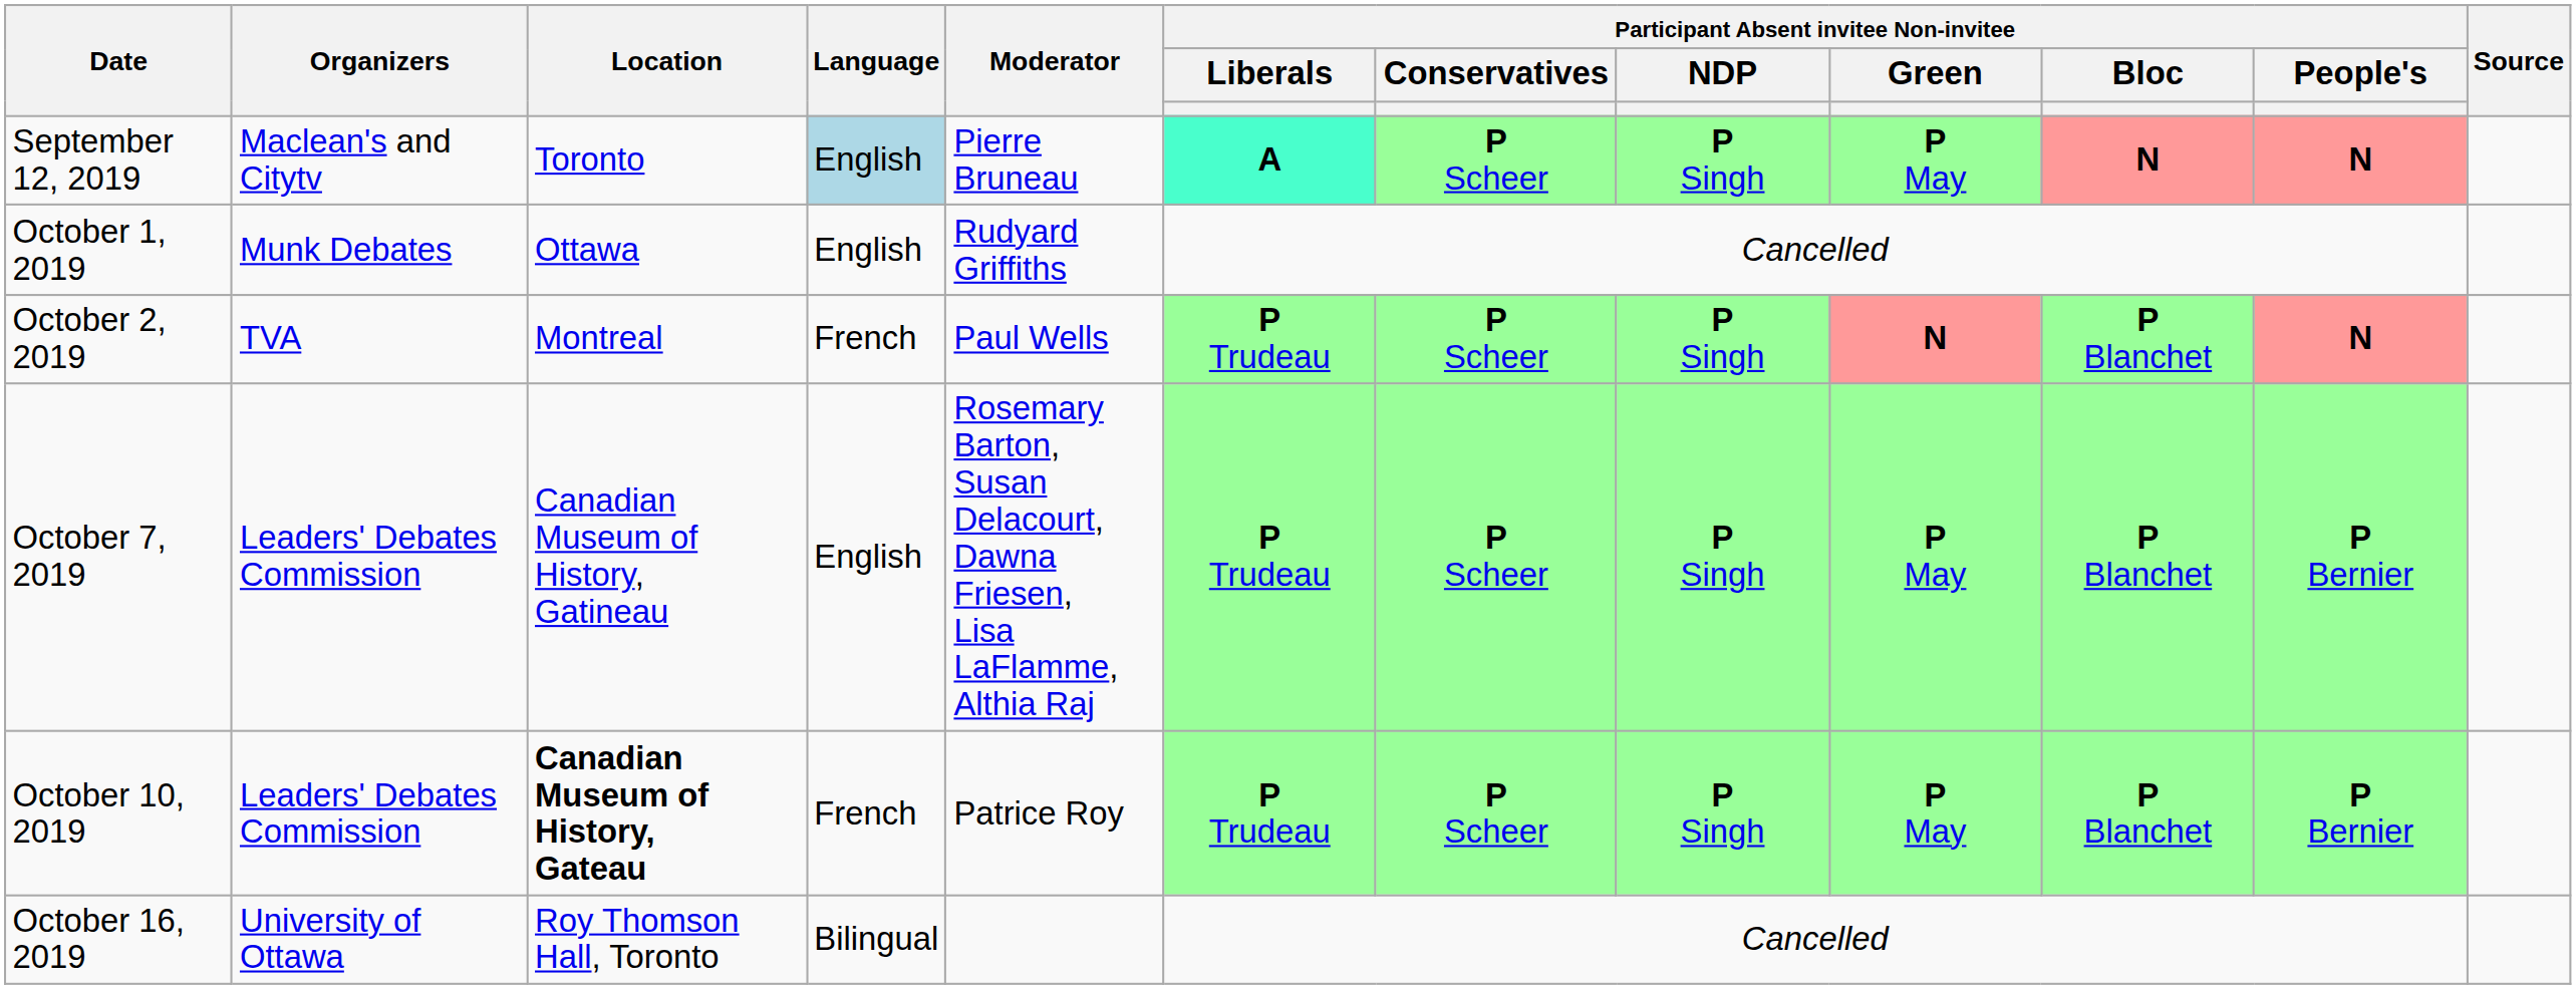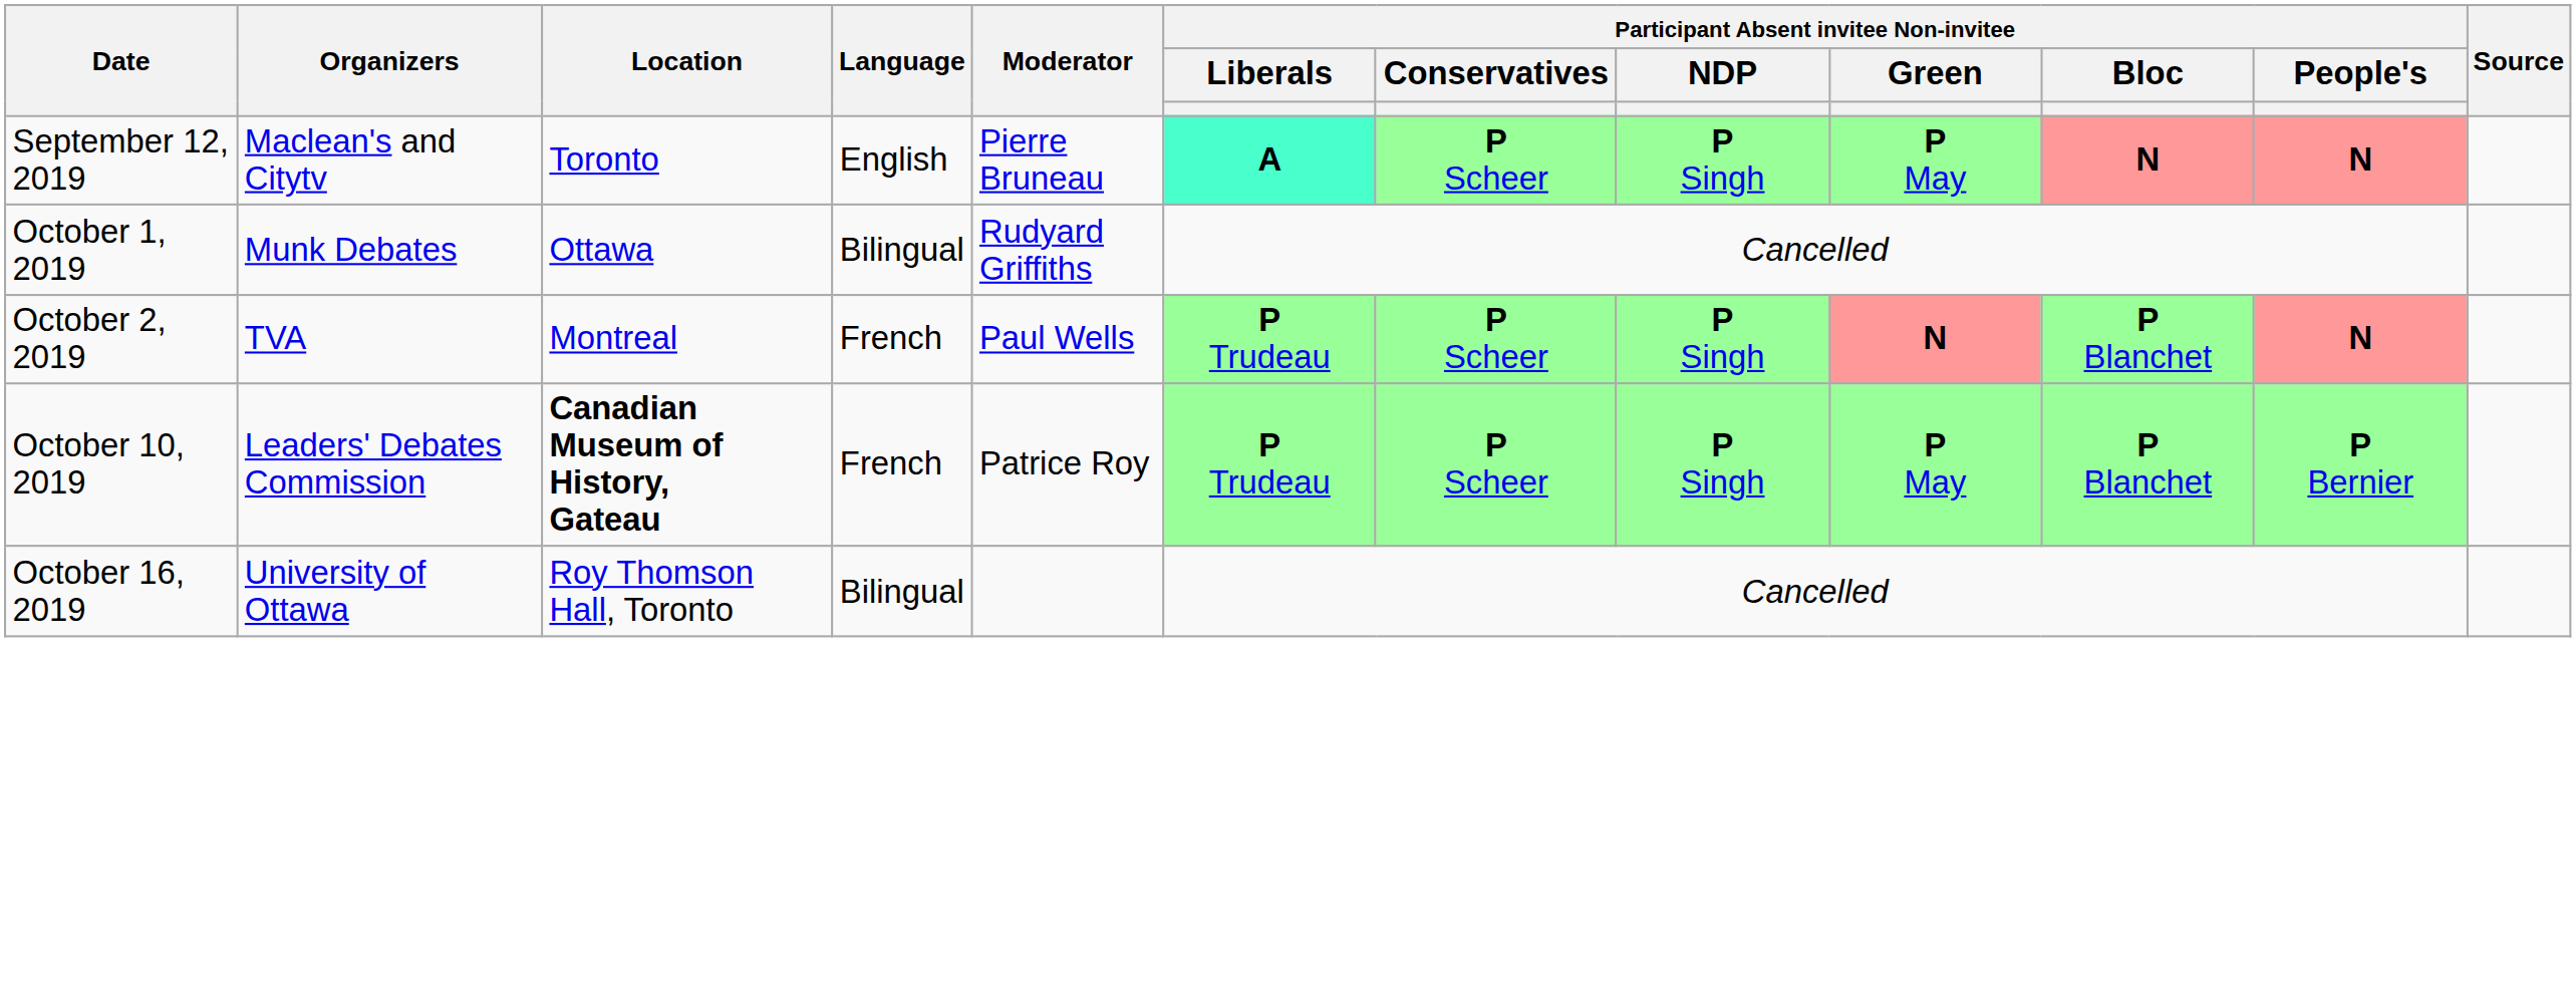 <table class="wikitable" style="text-justify: none">
 <tr style="font-size:small;">
 <th rowspan="3">Date</th>
 <th rowspan="3">Organizers</th>
 <th rowspan="3">Location</th>
 <th rowspan="3">Language</th>
 <th rowspan="3">Moderator</th>
 <th colspan="6"><small> Participant  Absent invitee  Non-invitee</small></th>
 <th rowspan="3">Source</th>
 </tr>
 <tr>
 <th style="width:6em;">Liberals</th>
 <th style="width:6em;">Conservatives</th>
 <th style="width:6em;">NDP</th>
 <th style="width:6em;">Green</th>
 <th style="width:6em;">Bloc</th>
 <th style="width:6em;">People's</th>
 </tr>
 <tr>
 <th style="background:"></th>
 <th style="background:"></th>
 <th style="background:"></th>
 <th style="background:"></th>
 <th style="background:"></th>
 <th style="background:"></th>
 </tr>
 <tr>
 <td>September 12, 2019</td>
 <td><a href='#'>Maclean's</a> and <a href='#'>Citytv</a></td>
 <td><a href='#'>Toronto</a></td>
-<td style="background: lightblue;">English</td>
+<td>English</td>
 <td><a href='#'>Pierre Bruneau</a></td>
 <td style="background-color:#49FFCC; color:black; text-align:center;"><strong>A</strong></td>
 <td style="background-color:#99ff99; color:black; text-align:center;"><strong>P</strong> <br> <a href='#'>Scheer</a></td>
 <td style="background-color:#99ff99; color:black; text-align:center;"><strong>P</strong> <br> <a href='#'>Singh</a></td>
 <td style="background-color:#99ff99; color:black; text-align:center;"><strong>P</strong> <br> <a href='#'>May</a></td>
 <td style="background-color:#ff9999; color:black; text-align:center;"><strong>N</strong></td>
 <td style="background-color:#ff9999; color:black; text-align:center;"><strong>N</strong></td>
 <td></td>
 </tr>
 <tr>
 <td>October 1, 2019</td>
 <td><a href='#'>Munk Debates</a></td>
 <td><a href='#'>Ottawa</a></td>
-<td>English</td>
+<td>Bilingual</td>
 <td><a href='#'>Rudyard Griffiths</a></td>
 <td colspan="6" align="center"><em>Cancelled</em></td>
 <td></td>
 </tr>
 <tr>
 <td>October 2, 2019</td>
 <td><a href='#'>TVA</a></td>
 <td><a href='#'>Montreal</a></td>
 <td>French</td>
 <td><a href='#'>Paul Wells</a></td>
 <td style="background-color:#99ff99; color:black; text-align:center;"><strong>P</strong> <br> <a href='#'>Trudeau</a></td>
 <td style="background-color:#99ff99; color:black; text-align:center;"><strong>P</strong> <br> <a href='#'>Scheer</a></td>
 <td style="background-color:#99ff99; color:black; text-align:center;"><strong>P</strong> <br> <a href='#'>Singh</a></td>
 <td style="background-color:#ff9999; color:black; text-align:center;"><strong>N</strong></td>
 <td style="background-color:#99ff99; color:black; text-align:center;"><strong>P</strong> <br> <a href='#'>Blanchet</a></td>
 <td style="background-color:#ff9999; color:black; text-align:center;"><strong>N</strong></td>
-<td></td>
-</tr>
-<tr>
-<td>October 7, 2019</td>
-<td><a href='#'>Leaders' Debates Commission</a></td>
-<td><a href='#'>Canadian Museum of History</a>, <br> <a href='#'>Gatineau</a></td>
-<td>English</td>
-<td><a href='#'>Rosemary Barton</a>, <br> <a href='#'>Susan Delacourt</a>, <br> <a href='#'>Dawna Friesen</a>, <br> <a href='#'>Lisa LaFlamme</a>, <br> <a href='#'>Althia Raj</a></td>
-<td style="background-color:#99ff99; color:black; text-align:center;"><strong>P</strong> <br> <a href='#'>Trudeau</a></td>
-<td style="background-color:#99ff99; color:black; text-align:center;"><strong>P</strong> <br> <a href='#'>Scheer</a></td>
-<td style="background-color:#99ff99; color:black; text-align:center;"><strong>P</strong> <br> <a href='#'>Singh</a></td>
-<td style="background-color:#99ff99; color:black; text-align:center;"><strong>P</strong> <br> <a href='#'>May</a></td>
-<td style="background-color:#99ff99; color:black; text-align:center;"><strong>P</strong> <br> <a href='#'>Blanchet</a></td>
-<td style="background-color:#99ff99; color:black; text-align:center;"><strong>P</strong> <br> <a href='#'>Bernier</a></td>
 <td></td>
 </tr>
 <tr>
 <td>October 10, 2019</td>
 <td><a href='#'>Leaders' Debates Commission</a></td>
 <td><strong>Canadian Museum of History, <br> Gateau</strong></td>
 <td>French</td>
 <td>Patrice Roy</td>
 <td style="background-color:#99ff99; color:black; text-align:center;"><strong>P</strong> <br> <a href='#'>Trudeau</a></td>
 <td style="background-color:#99ff99; color:black; text-align:center;"><strong>P</strong> <br> <a href='#'>Scheer</a></td>
 <td style="background-color:#99ff99; color:black; text-align:center;"><strong>P</strong> <br> <a href='#'>Singh</a></td>
 <td style="background-color:#99ff99; color:black; text-align:center;"><strong>P</strong> <br> <a href='#'>May</a></td>
 <td style="background-color:#99ff99; color:black; text-align:center;"><strong>P</strong> <br> <a href='#'>Blanchet</a></td>
 <td style="background-color:#99ff99; color:black; text-align:center;"><strong>P</strong> <br> <a href='#'>Bernier</a></td>
 <td></td>
 </tr>
 <tr>
 <td>October 16, 2019</td>
 <td><a href='#'>University of Ottawa</a></td>
 <td><a href='#'>Roy Thomson Hall</a>, Toronto</td>
 <td>Bilingual</td>
 <td></td>
 <td colspan="6" align="center"><em>Cancelled</em></td>
 <td></td>
 </tr>
 </table>
